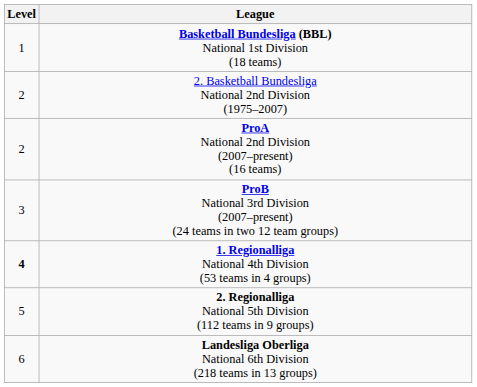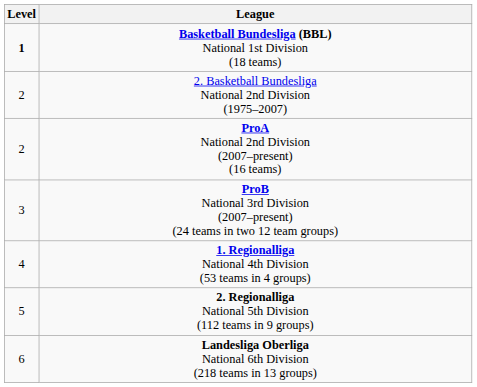 <table class="wikitable" style="text-align: center;">
 <tr south>
 <th colspan="1" width="4%">Level</th>
 <th colspan="5" width="96%">League</th>
 </tr>
 <tr>
-<td colspan="1" width="4%">1</td>
+<td colspan="1" width="4%"><strong>1</strong></td>
 <td colspan="5" width="96%"><strong><a href='#'>Basketball Bundesliga</a> (BBL)</strong> <br> National 1st Division <br> (18 teams)</td>
 </tr>
 <tr>
 <td colspan="1" width="4%">2</td>
 <td colspan="5" width="96%"><a href='#'>2. Basketball Bundesliga</a> <br> National 2nd Division <br> (1975–2007)</td>
 </tr>
 <tr>
 <td colspan="1" width="4%">2</td>
 <td colspan="5" width="96%"><strong><a href='#'>ProA</a></strong> <br> National 2nd Division <br> (2007–present) <br> (16 teams)</td>
 </tr>
 <tr>
 <td colspan="1" width="4%">3</td>
 <td colspan="5" width="96%"><strong><a href='#'>ProB</a></strong> <br> National 3rd Division <br> (2007–present) <br> (24 teams in two 12 team groups)</td>
 </tr>
 <tr>
-<td colspan="1" width="4%"><strong>4</strong></td>
+<td colspan="1" width="4%">4</td>
 <td colspan="1" width="96%"><strong><a href='#'>1. Regionalliga</a></strong> <br> National 4th Division <br> (53 teams in 4 groups)</td>
 </tr>
 <tr>
 <td colspan="1" width="4%">5</td>
 <td colspan="1" width="96%"><strong>2. Regionalliga</strong> <br> National 5th Division <br> (112 teams in 9 groups)</td>
 </tr>
 <tr>
 <td colspan="1" width="4%">6</td>
 <td colspan="1" width="96%"><strong>Landesliga Oberliga</strong> <br> National 6th Division <br> (218 teams in 13 groups)</td>
 </tr>
 </table>
